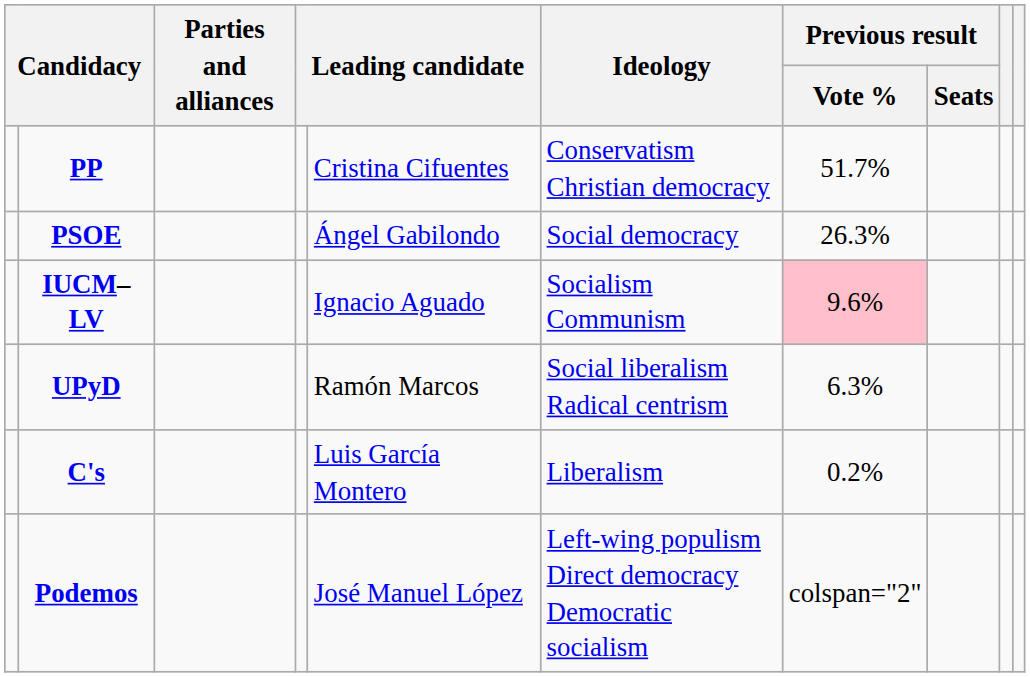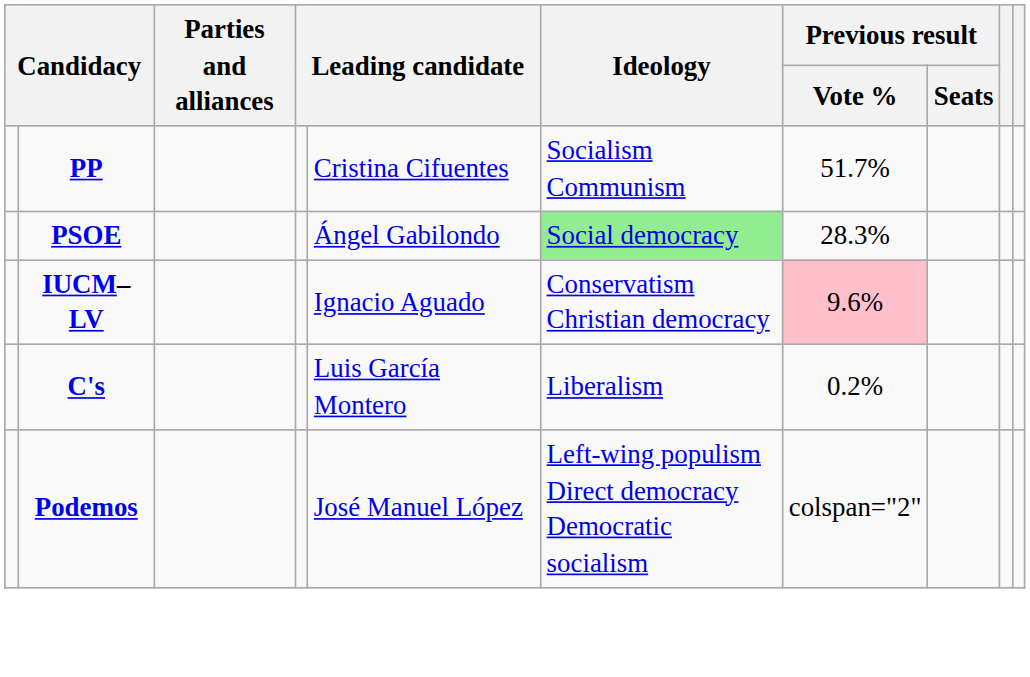 <table class="wikitable" style="line-height:1.35em; text-align:left;">
 <tr>
 <th colspan="2" rowspan="2">Candidacy</th>
 <th rowspan="2">Parties and<br>alliances</th>
 <th colspan="2" rowspan="2">Leading candidate</th>
 <th rowspan="2">Ideology</th>
 <th colspan="2">Previous result</th>
 <th rowspan="2"></th>
 <th rowspan="2"></th>
 </tr>
 <tr>
 <th>Vote %</th>
 <th>Seats</th>
 </tr>
 <tr>
 <td width="1" style="color:inherit;background:"></td>
 <td align="center"><strong><a href='#'>PP</a></strong></td>
 <td></td>
 <td></td>
 <td><a href='#'>Cristina Cifuentes</a></td>
-<td><a href='#'>Conservatism</a><br><a href='#'>Christian democracy</a></td>
+<td><a href='#'>Socialism</a><br><a href='#'>Communism</a></td>
 <td align="center">51.7%</td>
 <td></td>
 <td></td>
 <td></td>
 </tr>
 <tr>
 <td style="color:inherit;background:"></td>
 <td align="center"><strong><a href='#'>PSOE</a></strong></td>
 <td></td>
 <td></td>
 <td><a href='#'>Ángel Gabilondo</a></td>
-<td><a href='#'>Social democracy</a></td>
-<td align="center">26.3%</td>
+<td style="background: lightgreen;"><a href='#'>Social democracy</a></td>
+<td align="center">28.3%</td>
 <td></td>
 <td></td>
 <td></td>
 </tr>
 <tr>
 <td style="color:inherit;background:"></td>
 <td align="center"><strong><a href='#'>IUCM</a>–<a href='#'>LV</a></strong></td>
 <td></td>
 <td></td>
 <td><a href='#'>Ignacio Aguado</a></td>
-<td><a href='#'>Socialism</a><br><a href='#'>Communism</a></td>
+<td><a href='#'>Conservatism</a><br><a href='#'>Christian democracy</a></td>
 <td align="center" style="background: pink;">9.6%</td>
-<td></td>
-<td></td>
-<td></td>
-</tr>
-<tr>
-<td style="color:inherit;background:"></td>
-<td align="center"><strong><a href='#'>UPyD</a></strong></td>
-<td></td>
-<td></td>
-<td>Ramón Marcos</td>
-<td><a href='#'>Social liberalism</a><br><a href='#'>Radical centrism</a></td>
-<td align="center">6.3%</td>
 <td></td>
 <td></td>
 <td></td>
 </tr>
 <tr>
 <td style="color:inherit;background:"></td>
 <td align="center"><strong><a href='#'>C's</a></strong></td>
 <td></td>
 <td></td>
 <td><a href='#'>Luis García Montero</a></td>
 <td><a href='#'>Liberalism</a></td>
 <td align="center">0.2%</td>
 <td></td>
 <td></td>
 <td></td>
 </tr>
 <tr>
 <td style="color:inherit;background:"></td>
 <td align="center"><strong><a href='#'>Podemos</a></strong></td>
 <td></td>
 <td></td>
 <td><a href='#'>José Manuel López</a></td>
 <td><a href='#'>Left-wing populism</a><br><a href='#'>Direct democracy</a><br><a href='#'>Democratic socialism</a></td>
 <td>colspan="2" </td>
 <td></td>
 <td></td>
 </tr>
 </table>
